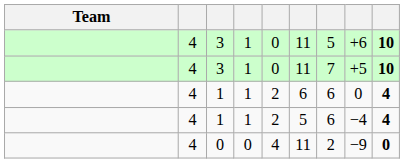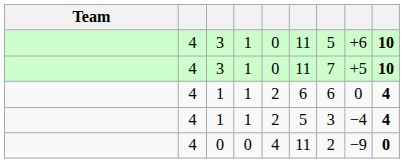 <table class="wikitable" style="text-align:center">
 <tr>
 <th width="165">Team</th>
 <th width="20"></th>
 <th width="20"></th>
 <th width="20"></th>
 <th width="20"></th>
 <th width="20"></th>
 <th width="20"></th>
 <th width="20"></th>
 <th width="20"></th>
 </tr>
 <tr bgcolor=#ccffcc>
 <td align=left></td>
 <td>4</td>
 <td>3</td>
 <td>1</td>
 <td>0</td>
 <td>11</td>
 <td>5</td>
 <td>+6</td>
 <td><strong>10</strong></td>
 </tr>
 <tr bgcolor=#ccffcc>
 <td align=left></td>
 <td>4</td>
 <td>3</td>
 <td>1</td>
 <td>0</td>
 <td>11</td>
 <td>7</td>
 <td>+5</td>
 <td><strong>10</strong></td>
 </tr>
 <tr>
 <td align=left></td>
 <td>4</td>
 <td>1</td>
 <td>1</td>
 <td>2</td>
 <td>6</td>
 <td>6</td>
 <td>0</td>
 <td><strong>4</strong></td>
 </tr>
 <tr>
 <td align=left></td>
 <td>4</td>
 <td>1</td>
 <td>1</td>
 <td>2</td>
 <td>5</td>
-<td>6</td>
+<td>3</td>
 <td>−4</td>
 <td><strong>4</strong></td>
 </tr>
 <tr>
 <td align=left></td>
 <td>4</td>
 <td>0</td>
 <td>0</td>
 <td>4</td>
 <td>11</td>
 <td>2</td>
 <td>−9</td>
 <td><strong>0</strong></td>
 </tr>
 </table>
